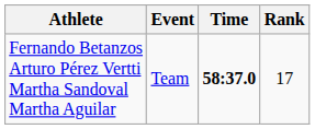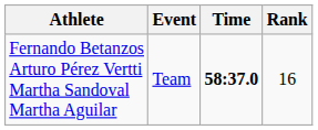 <table class="wikitable" style="font-size:90%;">
 <tr>
 <th>Athlete</th>
 <th>Event</th>
 <th>Time</th>
 <th>Rank</th>
 </tr>
 <tr align=center>
 <td align=left><a href='#'>Fernando Betanzos</a><br><a href='#'>Arturo Pérez Vertti</a><br><a href='#'>Martha Sandoval</a><br><a href='#'>Martha Aguilar</a></td>
 <td align=left rowspan=2><a href='#'>Team</a></td>
 <td><strong>58:37.0</strong></td>
-<td>17</td>
+<td>16</td>
 </tr>
 </table>
